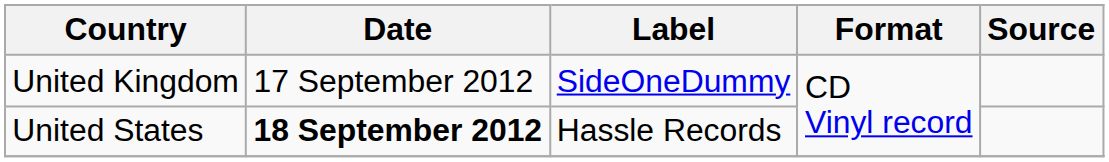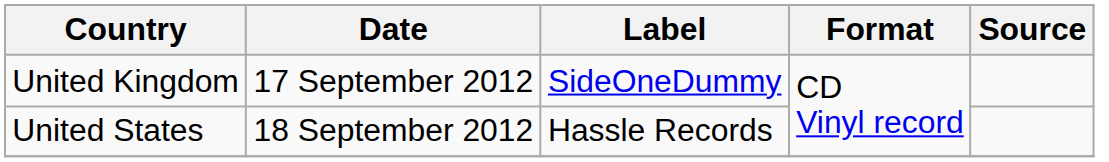 <table class="wikitable">
 <tr>
 <th>Country</th>
 <th>Date</th>
 <th>Label</th>
 <th>Format</th>
 <th>Source</th>
 </tr>
 <tr>
 <td>United Kingdom</td>
 <td>17 September 2012</td>
 <td><a href='#'>SideOneDummy</a></td>
 <td rowspan="2">CD<br><a href='#'>Vinyl record</a></td>
 <td></td>
 </tr>
 <tr>
 <td>United States</td>
-<td><strong>18 September 2012</strong></td>
+<td>18 September 2012</td>
 <td>Hassle Records</td>
 <td></td>
 </tr>
 <tr>
 </tr>
 </table>
